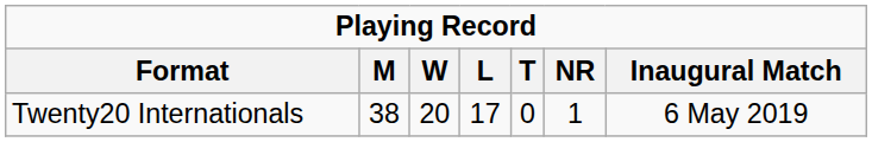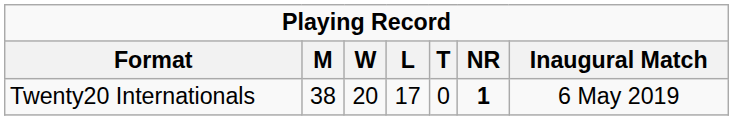 <table class="wikitable" style="text-align: center; width: 500px;">
 <tr>
 <td colspan=7 align="center"><strong>Playing Record</strong></td>
 </tr>
 <tr>
 <th>Format</th>
 <th>M</th>
 <th>W</th>
 <th>L</th>
 <th>T</th>
 <th>NR</th>
 <th>Inaugural Match</th>
 </tr>
 <tr>
 <td align="left">Twenty20 Internationals</td>
 <td>38</td>
 <td>20</td>
 <td>17</td>
 <td>0</td>
-<td>1</td>
+<td><strong>1</strong></td>
 <td>6 May 2019</td>
 </tr>
 </table>
